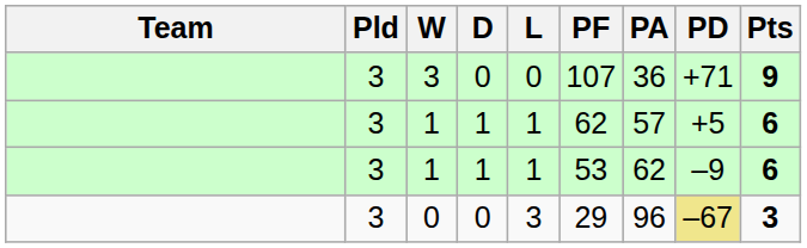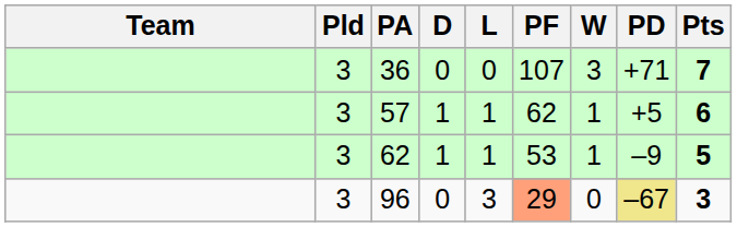 <table class="wikitable" style="text-align:center;">
 <tr>
 <th width=175>Team</th>
 <th width=20 abbr="Played">Pld</th>
-<th width=20 abbr="Won">W</th>
+<th width=20 abbr="Points against">PA</th>
 <th width=20 abbr="Drawn">D</th>
 <th width=20 abbr="Lost">L</th>
 <th width=20 abbr="Points for">PF</th>
-<th width=20 abbr="Points against">PA</th>
+<th width=20 abbr="Won">W</th>
 <th width=25 abbr="Points difference">PD</th>
 <th width=20 abbr="Points">Pts</th>
 </tr>
 <tr bgcolor=ccffcc>
 <td style="text-align:left;"></td>
 <td>3</td>
-<td>3</td>
+<td>36</td>
 <td>0</td>
 <td>0</td>
 <td>107</td>
-<td>36</td>
+<td>3</td>
 <td>+71</td>
-<td><strong>9</strong></td>
+<td><strong>7</strong></td>
 </tr>
 <tr bgcolor=ccffcc>
 <td style="text-align:left;"></td>
 <td>3</td>
-<td>1</td>
+<td>57</td>
 <td>1</td>
 <td>1</td>
 <td>62</td>
-<td>57</td>
+<td>1</td>
 <td>+5</td>
 <td><strong>6</strong></td>
 </tr>
 <tr bgcolor=ccffcc>
 <td style="text-align:left;"></td>
 <td>3</td>
-<td>1</td>
+<td>62</td>
 <td>1</td>
 <td>1</td>
 <td>53</td>
-<td>62</td>
+<td>1</td>
 <td>–9</td>
-<td><strong>6</strong></td>
+<td><strong>5</strong></td>
 </tr>
 <tr>
 <td style="text-align:left;"></td>
 <td>3</td>
-<td>0</td>
+<td>96</td>
 <td>0</td>
 <td>3</td>
-<td>29</td>
-<td>96</td>
+<td style="background: lightsalmon;">29</td>
+<td>0</td>
 <td style="background: khaki;">–67</td>
 <td><strong>3</strong></td>
 </tr>
 </table>
